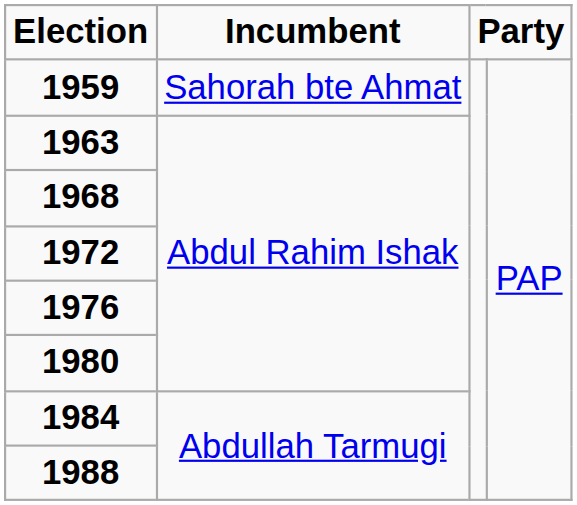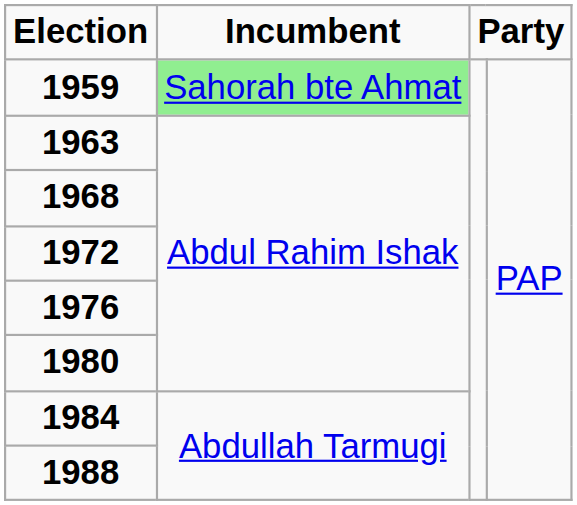 <table class="wikitable" align="center" style="text-align:center">
 <tr>
 <td><strong>Election </strong></td>
 <td><strong>Incumbent</strong></td>
 <td colspan="2"><strong>Party</strong></td>
 </tr>
 <tr>
 <td><strong>1959</strong></td>
-<td><a href='#'>Sahorah bte Ahmat</a></td>
+<td style="background: lightgreen;"><a href='#'>Sahorah bte Ahmat</a></td>
 <td rowspan="8"></td>
 <td rowspan="8"><a href='#'>PAP</a></td>
 </tr>
 <tr>
 <td><strong>1963</strong></td>
 <td rowspan="5"><a href='#'>Abdul Rahim Ishak</a></td>
 </tr>
 <tr>
 <td><strong>1968</strong></td>
 </tr>
 <tr>
 <td><strong>1972</strong></td>
 </tr>
 <tr>
 <td><strong>1976</strong></td>
 </tr>
 <tr>
 <td><strong>1980</strong></td>
 </tr>
 <tr>
 <td><strong>1984</strong></td>
 <td rowspan="2"><a href='#'>Abdullah Tarmugi</a></td>
 </tr>
 <tr>
 <td><strong>1988</strong></td>
 </tr>
 </table>
